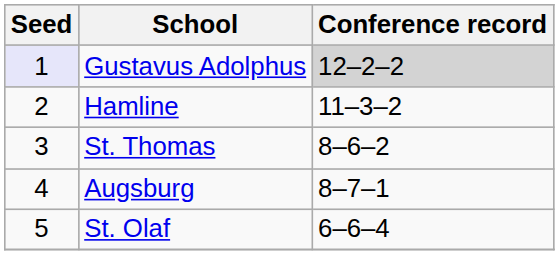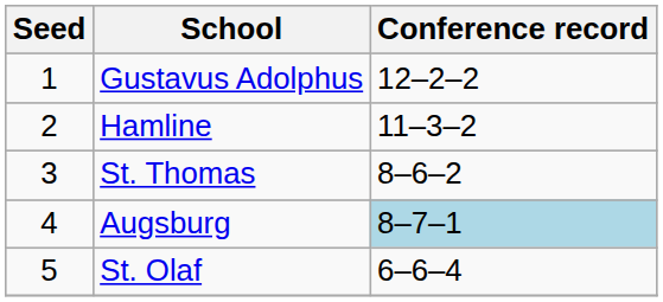 <table class="wikitable">
 <tr>
 <th>Seed</th>
 <th>School</th>
 <th>Conference record</th>
 </tr>
 <tr>
-<td align=center style="background: lavender;">1</td>
+<td align=center>1</td>
 <td><a href='#'>Gustavus Adolphus</a></td>
-<td style="background: lightgrey;">12–2–2</td>
+<td>12–2–2</td>
 </tr>
 <tr>
 <td align=center>2</td>
 <td><a href='#'>Hamline</a></td>
 <td>11–3–2</td>
 </tr>
 <tr>
 <td align=center>3</td>
 <td><a href='#'>St. Thomas</a></td>
 <td>8–6–2</td>
 </tr>
 <tr>
 <td align=center>4</td>
 <td><a href='#'>Augsburg</a></td>
-<td>8–7–1</td>
+<td style="background: lightblue;">8–7–1</td>
 </tr>
 <tr>
 <td align=center>5</td>
 <td><a href='#'>St. Olaf</a></td>
 <td>6–6–4</td>
 </tr>
 <tr>
 </tr>
 </table>
